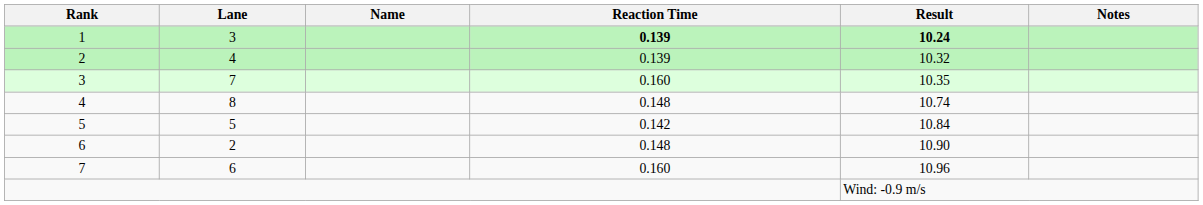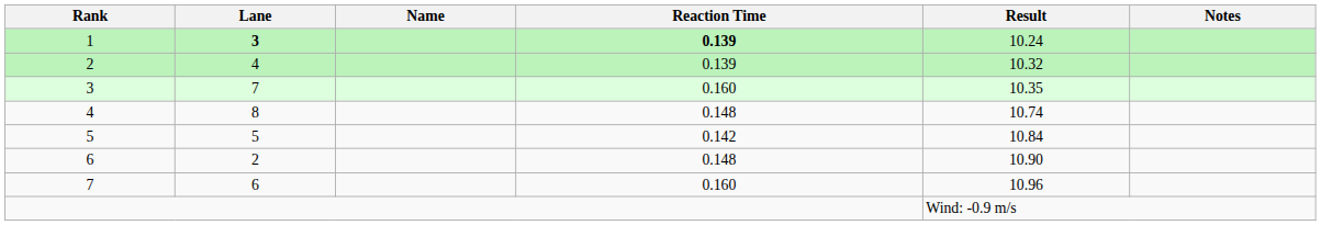 <table class="wikitable sortable" style="text-align:center;width: 70%">
 <tr>
 <th>Rank</th>
 <th>Lane</th>
 <th>Name</th>
 <th>Reaction Time</th>
 <th>Result</th>
 <th>Notes</th>
 </tr>
 <tr bgcolor=bbf3bb>
 <td>1</td>
-<td>3</td>
+<td><strong>3</strong></td>
 <td align="left"></td>
 <td><strong>0.139</strong></td>
-<td><strong>10.24</strong></td>
+<td>10.24</td>
 <td></td>
 </tr>
 <tr bgcolor=bbf3bb>
 <td>2</td>
 <td>4</td>
 <td align="left"></td>
 <td>0.139</td>
 <td>10.32</td>
 <td></td>
 </tr>
 <tr bgcolor=ddffdd>
 <td>3</td>
 <td>7</td>
 <td align="left"></td>
 <td>0.160</td>
 <td>10.35</td>
 <td></td>
 </tr>
 <tr>
 <td>4</td>
 <td>8</td>
 <td align="left"></td>
 <td>0.148</td>
 <td>10.74</td>
 <td></td>
 </tr>
 <tr>
 <td>5</td>
 <td>5</td>
 <td align="left"></td>
 <td>0.142</td>
 <td>10.84</td>
 <td></td>
 </tr>
 <tr>
 <td>6</td>
 <td>2</td>
 <td align="left"></td>
 <td>0.148</td>
 <td>10.90</td>
 <td></td>
 </tr>
 <tr>
 <td>7</td>
 <td>6</td>
 <td align="left"></td>
 <td>0.160</td>
 <td>10.96</td>
 <td></td>
 </tr>
 <tr class="sortbottom">
 <td colspan=4></td>
 <td colspan="2" style="text-align:left;">Wind: -0.9 m/s</td>
 </tr>
 </table>
